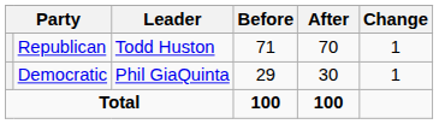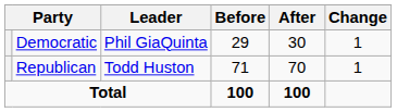 <table class="wikitable" style="text-align:center;">
 <tr>
 </tr>
 <tr>
 <th colspan=2>Party</th>
 <th>Leader</th>
 <th style="width:3em">Before</th>
 <th style="width:3em">After</th>
 <th style="width:3em">Change</th>
 </tr>
 <tr>
 <th style="background-color:"></th>
+<td style="text-align:left;"><a href='#'>Democratic</a></td>
+<td style="text-align:left;"><a href='#'>Phil GiaQuinta</a></td>
+<td>29</td>
+<td>30</td>
+<td> 1</td>
+</tr>
+<tr>
+<th style="background-color:"></th>
 <td style="text-align:left;"><a href='#'>Republican</a></td>
 <td style="text-align:left;"><a href='#'>Todd Huston</a></td>
 <td>71</td>
 <td>70</td>
-<td> 1</td>
-</tr>
-<tr>
-<th style="background-color:"></th>
-<td style="text-align:left;"><a href='#'>Democratic</a></td>
-<td style="text-align:left;"><a href='#'>Phil GiaQuinta</a></td>
-<td>29</td>
-<td>30</td>
 <td> 1</td>
 </tr>
 <tr>
 <td colspan=3><strong>Total</strong></td>
 <td><strong>100</strong></td>
 <td><strong>100</strong></td>
 <td></td>
 </tr>
 </table>
